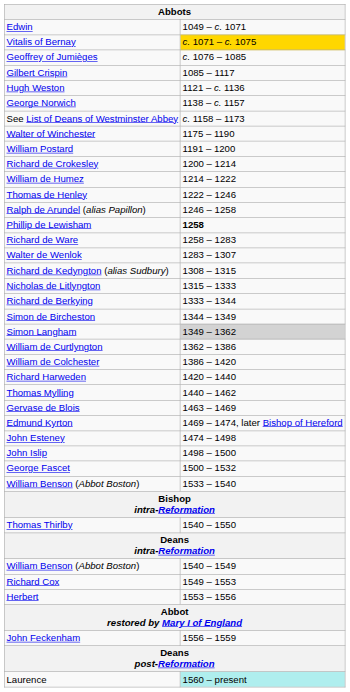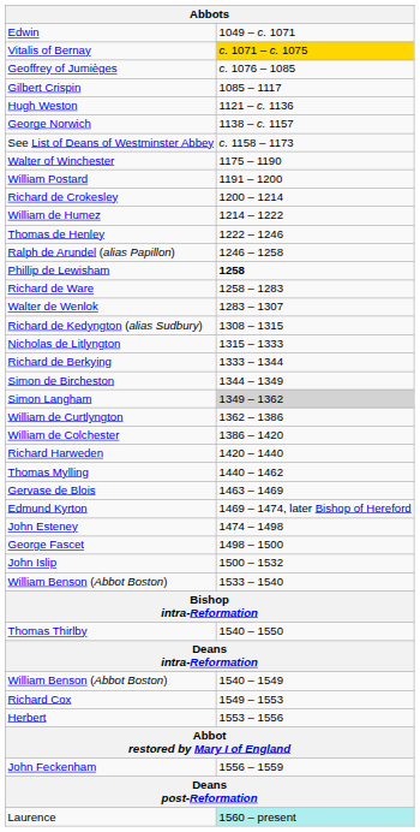 <table class="wikitable">
 <tr>
 <th colspan="2">Abbots</th>
 </tr>
 <tr>
 <td><a href='#'>Edwin</a></td>
 <td>1049 – <em>c.</em> 1071</td>
 </tr>
 <tr>
 <td><a href='#'>Vitalis of Bernay</a></td>
 <td style="background: gold; white-space:nowrap"><em>c.</em> 1071 – <em>c.</em> 1075</td>
 </tr>
 <tr>
 <td><a href='#'>Geoffrey of Jumièges</a></td>
 <td><em>c.</em> 1076 – 1085</td>
 </tr>
 <tr>
 <td><a href='#'>Gilbert Crispin</a></td>
 <td>1085 – 1117</td>
 </tr>
 <tr>
 <td><a href='#'>Hugh Weston</a></td>
 <td>1121 – <em>c.</em> 1136</td>
 </tr>
 <tr>
 <td><a href='#'>George Norwich</a></td>
 <td>1138 – <em>c.</em> 1157</td>
 </tr>
 <tr>
 <td>See <a href='#'>List of Deans of Westminster Abbey</a></td>
 <td><em>c.</em> 1158 – 1173</td>
 </tr>
 <tr>
 <td><a href='#'>Walter of Winchester</a></td>
 <td>1175 – 1190</td>
 </tr>
 <tr>
 <td><a href='#'>William Postard</a></td>
 <td>1191 – 1200</td>
 </tr>
 <tr>
 <td><a href='#'>Richard de Crokesley</a></td>
 <td>1200 – 1214</td>
 </tr>
 <tr>
 <td><a href='#'>William de Humez</a></td>
 <td>1214 – 1222</td>
 </tr>
 <tr>
 <td><a href='#'>Thomas de Henley</a></td>
 <td>1222 – 1246</td>
 </tr>
 <tr>
 <td><a href='#'>Ralph de Arundel</a> (<em>alias Papillon</em>)</td>
 <td>1246 – 1258</td>
 </tr>
 <tr>
 <td><a href='#'>Phillip de Lewisham</a></td>
 <td><strong>1258</strong></td>
 </tr>
 <tr>
 <td><a href='#'>Richard de Ware</a></td>
 <td>1258 – 1283</td>
 </tr>
 <tr>
 <td><a href='#'>Walter de Wenlok</a></td>
 <td>1283 – 1307</td>
 </tr>
 <tr>
 <td style="white-space:nowrap"><a href='#'>Richard de Kedyngton</a> (<em>alias Sudbury</em>)</td>
 <td>1308 – 1315</td>
 </tr>
 <tr>
 <td style="white-space:nowrap"><a href='#'>Nicholas de Litlyngton</a></td>
 <td>1315 – 1333</td>
 </tr>
 <tr>
 <td><a href='#'>Richard de Berkying</a></td>
 <td>1333 – 1344</td>
 </tr>
 <tr>
 <td><a href='#'>Simon de Bircheston</a></td>
 <td>1344 – 1349</td>
 </tr>
 <tr>
 <td><a href='#'>Simon Langham</a></td>
 <td style="background: lightgrey;">1349 – 1362</td>
 </tr>
 <tr>
 <td><a href='#'>William de Curtlyngton</a></td>
 <td>1362 – 1386</td>
 </tr>
 <tr>
 <td><a href='#'>William de Colchester</a></td>
 <td>1386 – 1420</td>
 </tr>
 <tr>
 <td><a href='#'>Richard Harweden</a></td>
 <td>1420 – 1440</td>
 </tr>
 <tr>
 <td><a href='#'>Thomas Mylling</a></td>
 <td>1440 – 1462</td>
 </tr>
 <tr>
 <td><a href='#'>Gervase de Blois</a></td>
 <td>1463 – 1469</td>
 </tr>
 <tr>
 <td><a href='#'>Edmund Kyrton</a></td>
 <td>1469 – 1474, later <a href='#'>Bishop of Hereford</a></td>
 </tr>
 <tr>
 <td><a href='#'>John Esteney</a></td>
 <td>1474 – 1498</td>
 </tr>
 <tr>
-<td><a href='#'>John Islip</a></td>
+<td><a href='#'>George Fascet</a></td>
 <td>1498 – 1500</td>
 </tr>
 <tr>
-<td><a href='#'>George Fascet</a></td>
+<td><a href='#'>John Islip</a></td>
 <td>1500 – 1532</td>
 </tr>
 <tr>
 <td><a href='#'>William Benson</a> (<em>Abbot Boston</em>)</td>
 <td>1533 – 1540</td>
 </tr>
 <tr>
 <th colspan="2">Bishop<br><em>intra-<a href='#'>Reformation</a></em></th>
 </tr>
 <tr>
 <td><a href='#'>Thomas Thirlby</a></td>
 <td>1540 – 1550</td>
 </tr>
 <tr>
 <th colspan="2">Deans<br><em>intra-<a href='#'>Reformation</a></em></th>
 </tr>
 <tr>
 <td><a href='#'>William Benson</a> (<em>Abbot Boston</em>)</td>
 <td>1540 – 1549</td>
 </tr>
 <tr>
 <td><a href='#'>Richard Cox</a></td>
 <td>1549 – 1553</td>
 </tr>
 <tr>
 <td><a href='#'>Herbert</a></td>
 <td>1553 – 1556</td>
 </tr>
 <tr>
 <th colspan="2">Abbot<br><em>restored by <a href='#'>Mary I of England</a></em></th>
 </tr>
 <tr>
 <td><a href='#'>John Feckenham</a></td>
 <td>1556 – 1559</td>
 </tr>
 <tr>
 <th colspan="2">Deans<br><em>post-<a href='#'>Reformation</a></em></th>
 </tr>
 <tr>
 <td>Laurence</td>
 <td style="background: paleturquoise;">1560 – present</td>
 </tr>
 </table>
